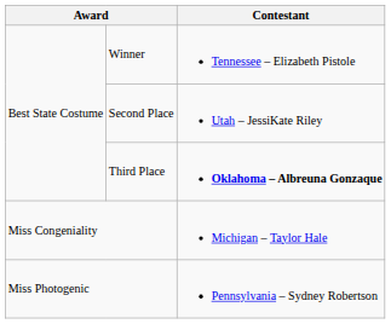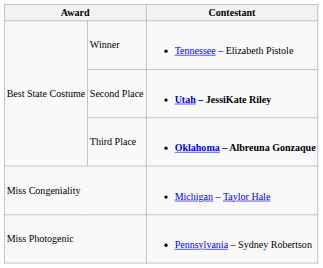 <table class="wikitable sortable unsortable" style="font-size:95%;">
 <tr>
 <th colspan=2>Award</th>
 <th>Contestant</th>
 </tr>
 <tr>
 <td rowspan=3>Best State Costume</td>
 <td>Winner</td>
 <td><br><ul><li><a href='#'>Tennessee</a> – Elizabeth Pistole</li></ul></td>
 </tr>
 <tr>
 <td>Second Place</td>
-<td><br><ul><li><a href='#'>Utah</a> – JessiKate Riley</li></ul></td>
+<td><strong><br><ul><li><a href='#'>Utah</a> – JessiKate Riley</li></ul></strong></td>
 </tr>
 <tr>
 <td>Third Place</td>
 <td><strong><br><ul><li><a href='#'>Oklahoma</a> – Albreuna Gonzaque</li></ul></strong></td>
 </tr>
 <tr>
 <td colspan=2>Miss Congeniality</td>
 <td><br><ul><li><a href='#'>Michigan</a> – <a href='#'>Taylor Hale</a></li></ul></td>
 </tr>
 <tr>
 <td colspan=2>Miss Photogenic</td>
 <td><br><ul><li><a href='#'>Pennsylvania</a> – Sydney Robertson</li></ul></td>
 </tr>
 </table>
